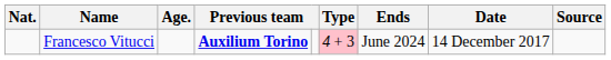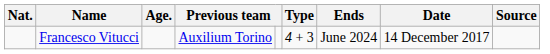 <table class="wikitable sortable">
 <tr>
 <th>Nat.</th>
 <th>Name</th>
 <th>Age.</th>
 <th colspan=2>Previous team</th>
 <th>Type</th>
 <th>Ends</th>
 <th>Date</th>
 <th>Source</th>
 </tr>
 <tr>
 <td style="text-align: center;"></td>
 <td><a href='#'>Francesco Vitucci</a></td>
 <td style="text-align: center;"></td>
-<td><strong><a href='#'>Auxilium Torino</a></strong></td>
+<td><a href='#'>Auxilium Torino</a></td>
 <td style="text-align: center;"></td>
-<td style="background: pink; text-align: center;"><em>4</em> + 3</td>
+<td style="text-align: center;"><em>4</em> + 3</td>
 <td style="text-align: center;">June 2024</td>
 <td style="text-align: center;">14 December 2017</td>
 <td style="text-align: center;"></td>
 </tr>
 </table>
